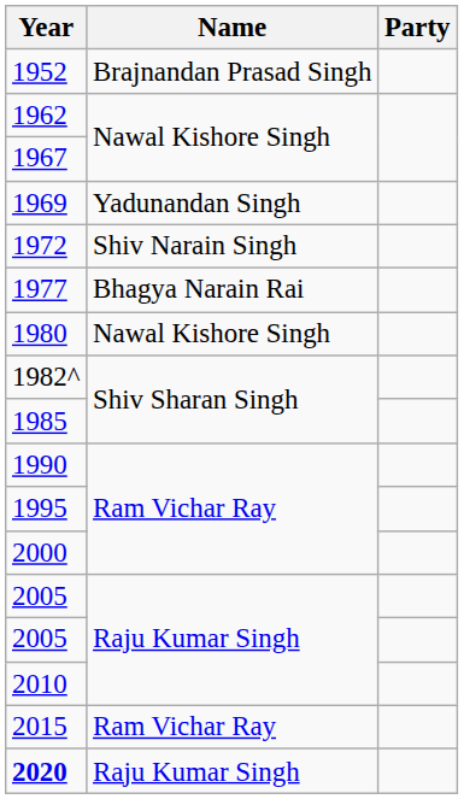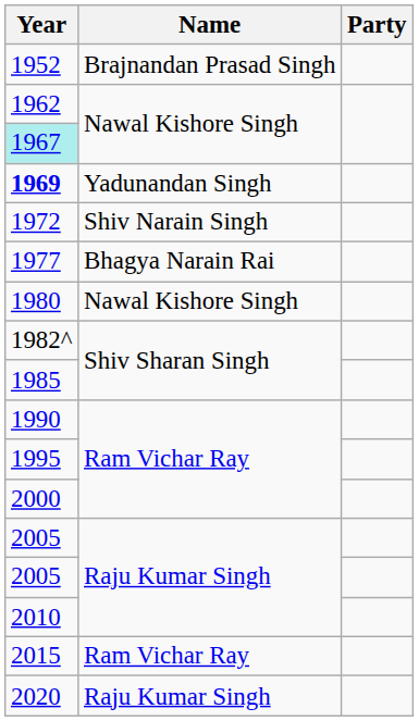 <table class="wikitable sortable">
 <tr>
 <th>Year</th>
 <th>Name</th>
 <th colspan="2">Party</th>
 </tr>
 <tr>
 <td><a href='#'>1952</a></td>
 <td>Brajnandan Prasad Singh</td>
 <td></td>
 </tr>
 <tr>
 <td><a href='#'>1962</a></td>
 <td rowspan="2">Nawal Kishore Singh</td>
 </tr>
 <tr>
-<td><a href='#'>1967</a></td>
+<td style="background: paleturquoise;"><a href='#'>1967</a></td>
 </tr>
 <tr>
-<td><a href='#'>1969</a></td>
+<td><strong><a href='#'>1969</a></strong></td>
 <td>Yadunandan Singh</td>
 <td></td>
 </tr>
 <tr>
 <td><a href='#'>1972</a></td>
 <td>Shiv Narain Singh</td>
 <td></td>
 </tr>
 <tr>
 <td><a href='#'>1977</a></td>
 <td>Bhagya Narain Rai</td>
 <td></td>
 </tr>
 <tr>
 <td><a href='#'>1980</a></td>
 <td>Nawal Kishore Singh</td>
 <td></td>
 </tr>
 <tr>
 <td>1982^</td>
 <td rowspan="2">Shiv Sharan Singh</td>
 <td></td>
 </tr>
 <tr>
 <td><a href='#'>1985</a></td>
 </tr>
 <tr>
 <td><a href='#'>1990</a></td>
 <td rowspan="3"><a href='#'>Ram Vichar Ray</a></td>
 <td></td>
 </tr>
 <tr>
 <td><a href='#'>1995</a></td>
 </tr>
 <tr>
 <td><a href='#'>2000</a></td>
 <td></td>
 </tr>
 <tr>
 <td><a href='#'>2005</a></td>
 <td rowspan="3"><a href='#'>Raju Kumar Singh</a></td>
 <td></td>
 </tr>
 <tr>
 <td><a href='#'>2005</a></td>
 <td></td>
 </tr>
 <tr>
 <td><a href='#'>2010</a></td>
 </tr>
 <tr>
 <td><a href='#'>2015</a></td>
 <td><a href='#'>Ram Vichar Ray</a></td>
 <td></td>
 </tr>
 <tr>
-<td><strong><a href='#'>2020</a></strong></td>
+<td><a href='#'>2020</a></td>
 <td><a href='#'>Raju Kumar Singh</a></td>
 <td></td>
 </tr>
 </table>
